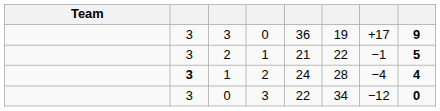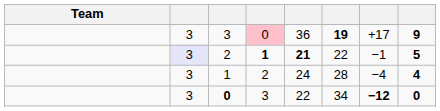 <table class=wikitable style="text-align:center">
 <tr>
 <th width=200>Team</th>
 <th width=40></th>
 <th width=40></th>
 <th width=40></th>
 <th width=40></th>
 <th width=40></th>
 <th width=40></th>
 <th width=40></th>
 </tr>
 <tr>
 <td align=left></td>
 <td>3</td>
 <td>3</td>
-<td>0</td>
+<td style="background: pink;">0</td>
 <td>36</td>
-<td>19</td>
+<td><strong>19</strong></td>
 <td>+17</td>
 <td><strong>9</strong></td>
 </tr>
 <tr>
 <td align=left></td>
-<td>3</td>
+<td style="background: lavender;">3</td>
 <td>2</td>
-<td>1</td>
-<td>21</td>
+<td><strong>1</strong></td>
+<td><strong>21</strong></td>
 <td>22</td>
 <td>−1</td>
 <td><strong>5</strong></td>
 </tr>
 <tr>
 <td align=left></td>
-<td><strong>3</strong></td>
+<td>3</td>
 <td>1</td>
 <td>2</td>
 <td>24</td>
 <td>28</td>
 <td>−4</td>
 <td><strong>4</strong></td>
 </tr>
 <tr>
 <td align=left></td>
 <td>3</td>
-<td>0</td>
+<td><strong>0</strong></td>
 <td>3</td>
 <td>22</td>
 <td>34</td>
-<td>−12</td>
+<td><strong>−12</strong></td>
 <td><strong>0</strong></td>
 </tr>
 </table>
